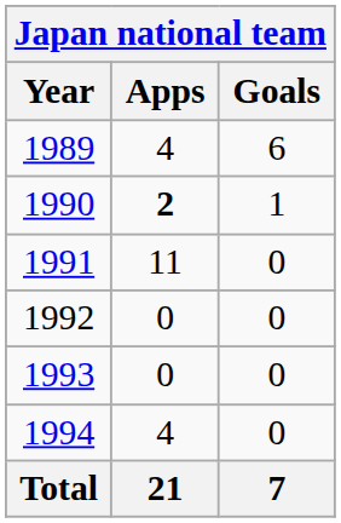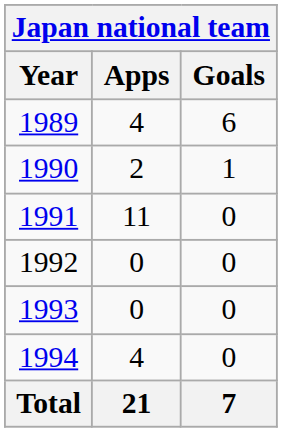 <table class="wikitable" style="text-align:center">
 <tr>
 <th colspan=3><a href='#'>Japan national team</a></th>
 </tr>
 <tr>
 <th>Year</th>
 <th>Apps</th>
 <th>Goals</th>
 </tr>
 <tr>
 <td><a href='#'>1989</a></td>
 <td>4</td>
 <td>6</td>
 </tr>
 <tr>
 <td><a href='#'>1990</a></td>
-<td><strong>2</strong></td>
+<td>2</td>
 <td>1</td>
 </tr>
 <tr>
 <td><a href='#'>1991</a></td>
 <td>11</td>
 <td>0</td>
 </tr>
 <tr>
 <td>1992</td>
 <td>0</td>
 <td>0</td>
 </tr>
 <tr>
 <td><a href='#'>1993</a></td>
 <td>0</td>
 <td>0</td>
 </tr>
 <tr>
 <td><a href='#'>1994</a></td>
 <td>4</td>
 <td>0</td>
 </tr>
 <tr>
 <th>Total</th>
 <th>21</th>
 <th>7</th>
 </tr>
 </table>
